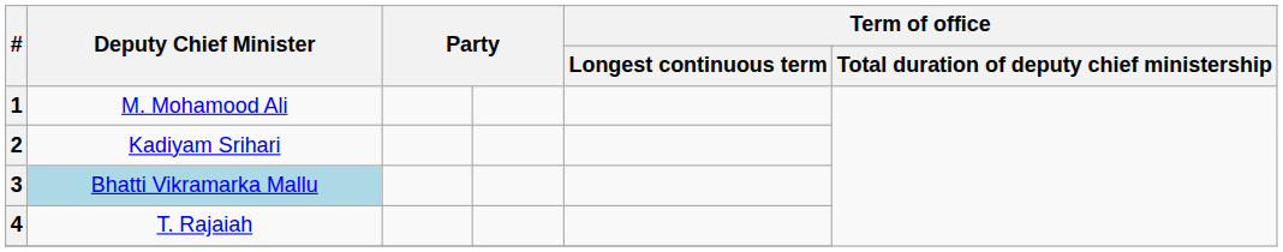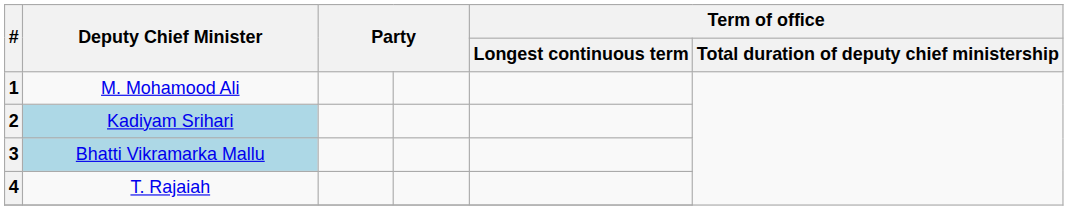 <table class="wikitable sortable" style="line-height:1.4em; text-align:center">
 <tr>
 <th data-sort-type=number rowspan = "2">#</th>
 <th rowspan="2" style="width:16em">Deputy Chief Minister</th>
 <th rowspan="2" colspan=2 style="width:8em">Party</th>
 <th colspan="2">Term of office</th>
 </tr>
 <tr>
 <th>Longest continuous term</th>
 <th>Total duration of deputy chief ministership</th>
 </tr>
 <tr>
 <th data-sort-value="1">1</th>
 <td><a href='#'>M. Mohamood Ali</a></td>
 <td></td>
 <td></td>
 <td></td>
 </tr>
 <tr>
 <th data-sort-value="2">2</th>
-<td><a href='#'>Kadiyam Srihari</a></td>
+<td style="background: lightblue;"><a href='#'>Kadiyam Srihari</a></td>
 <td></td>
 <td></td>
 <td></td>
 </tr>
 <tr>
 <th data-sort-value="3">3</th>
 <td style="background: lightblue;"><a href='#'>Bhatti Vikramarka Mallu</a></td>
 <td></td>
 <td></td>
 <td></td>
 </tr>
 <tr>
 <th data-sort-value="4">4</th>
 <td><a href='#'>T. Rajaiah</a></td>
 <td></td>
 <td></td>
 <td></td>
 </tr>
 <tr>
 </tr>
 </table>
